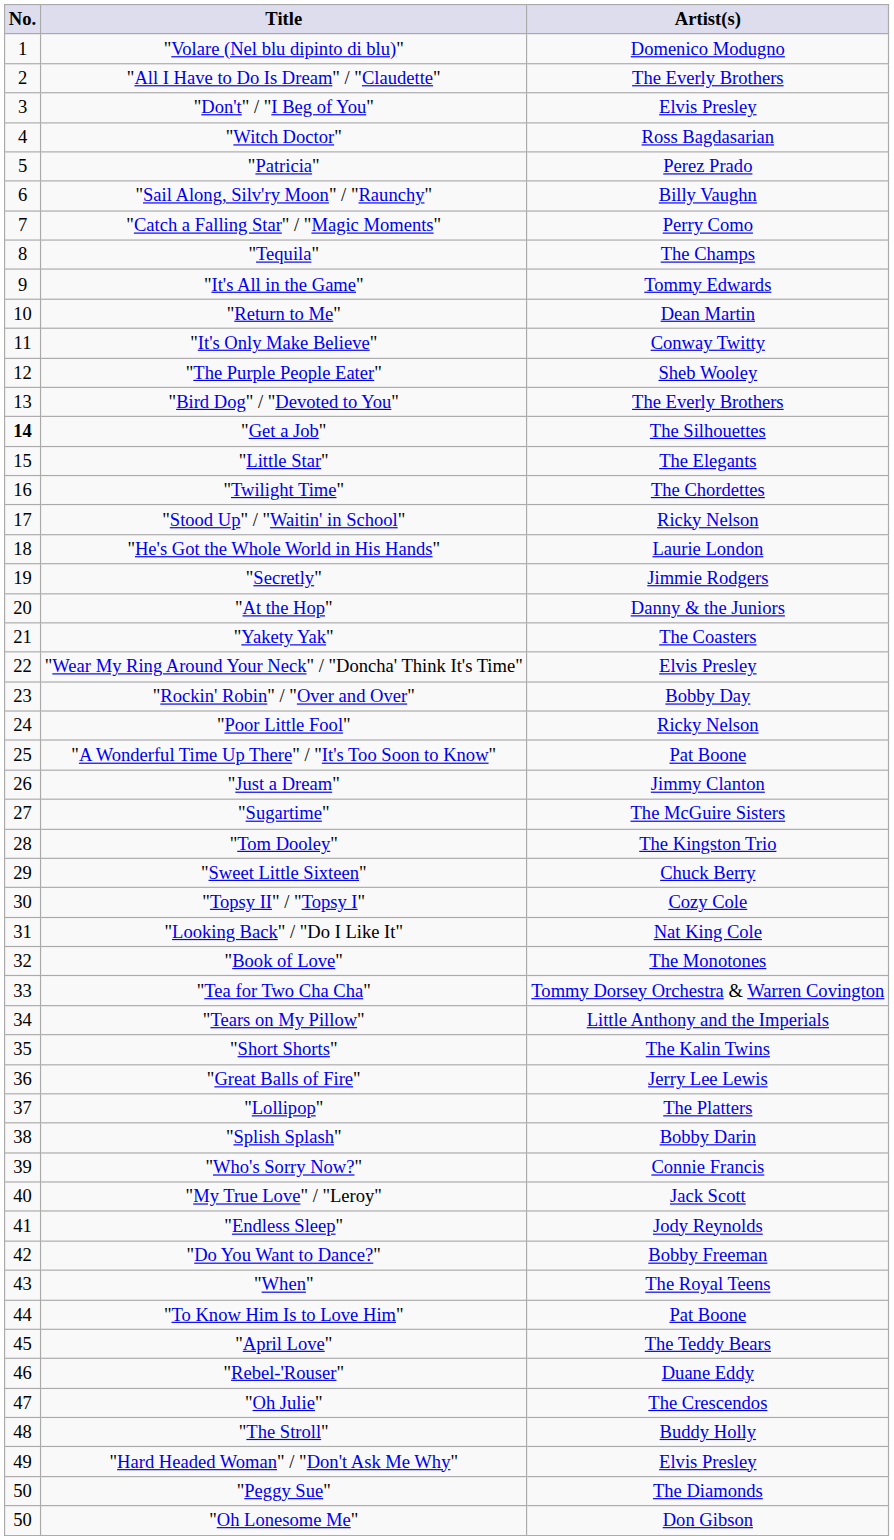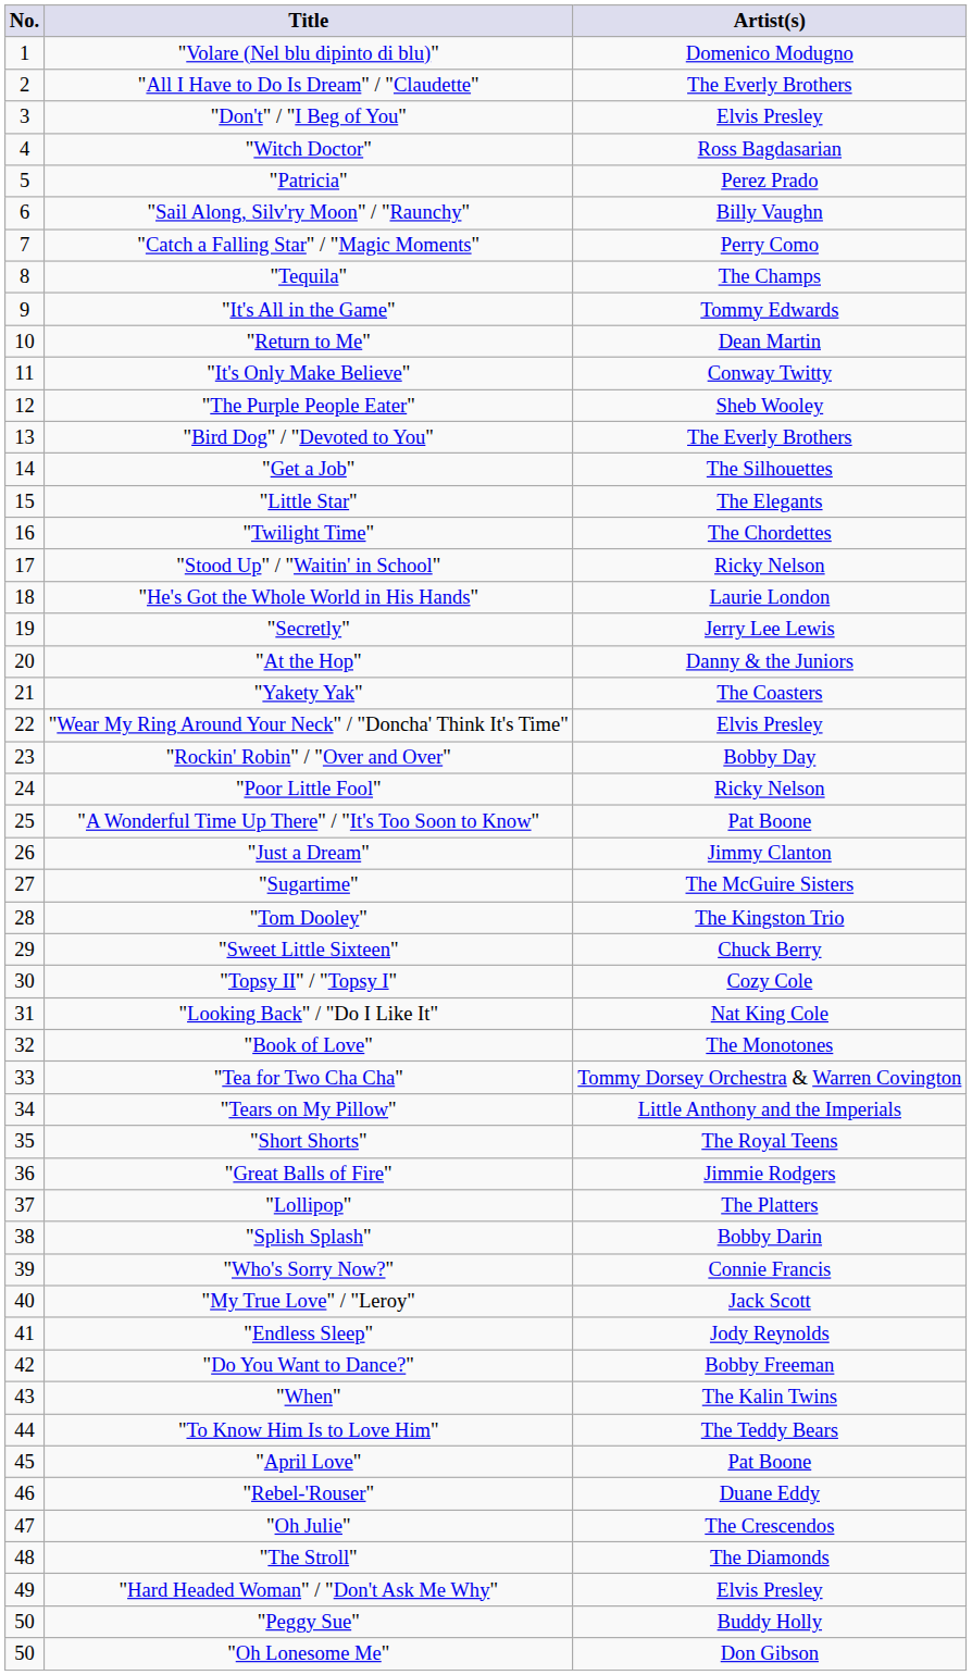 <table class="wikitable sortable" style="text-align: center">
 <tr>
 <th scope="col" style="background:#dde;">No.</th>
 <th scope="col" style="background:#dde;">Title</th>
 <th scope="col" style="background:#dde;">Artist(s)</th>
 </tr>
 <tr>
 <td>1</td>
 <td>"<a href='#'>Volare (Nel blu dipinto di blu)</a>"</td>
 <td><a href='#'>Domenico Modugno</a></td>
 </tr>
 <tr>
 <td>2</td>
 <td>"<a href='#'>All I Have to Do Is Dream</a>" / "<a href='#'>Claudette</a>"</td>
 <td><a href='#'>The Everly Brothers</a></td>
 </tr>
 <tr>
 <td>3</td>
 <td>"<a href='#'>Don't</a>" / "<a href='#'>I Beg of You</a>"</td>
 <td><a href='#'>Elvis Presley</a></td>
 </tr>
 <tr>
 <td>4</td>
 <td>"<a href='#'>Witch Doctor</a>"</td>
 <td><a href='#'>Ross Bagdasarian</a></td>
 </tr>
 <tr>
 <td>5</td>
 <td>"<a href='#'>Patricia</a>"</td>
 <td><a href='#'>Perez Prado</a></td>
 </tr>
 <tr>
 <td>6</td>
 <td>"<a href='#'>Sail Along, Silv'ry Moon</a>" / "<a href='#'>Raunchy</a>"</td>
 <td><a href='#'>Billy Vaughn</a></td>
 </tr>
 <tr>
 <td>7</td>
 <td>"<a href='#'>Catch a Falling Star</a>" / "<a href='#'>Magic Moments</a>"</td>
 <td><a href='#'>Perry Como</a></td>
 </tr>
 <tr>
 <td>8</td>
 <td>"<a href='#'>Tequila</a>"</td>
 <td><a href='#'>The Champs</a></td>
 </tr>
 <tr>
 <td>9</td>
 <td>"<a href='#'>It's All in the Game</a>"</td>
 <td><a href='#'>Tommy Edwards</a></td>
 </tr>
 <tr>
 <td>10</td>
 <td>"<a href='#'>Return to Me</a>"</td>
 <td><a href='#'>Dean Martin</a></td>
 </tr>
 <tr>
 <td>11</td>
 <td>"<a href='#'>It's Only Make Believe</a>"</td>
 <td><a href='#'>Conway Twitty</a></td>
 </tr>
 <tr>
 <td>12</td>
 <td>"<a href='#'>The Purple People Eater</a>"</td>
 <td><a href='#'>Sheb Wooley</a></td>
 </tr>
 <tr>
 <td>13</td>
 <td>"<a href='#'>Bird Dog</a>" / "<a href='#'>Devoted to You</a>"</td>
 <td><a href='#'>The Everly Brothers</a></td>
 </tr>
 <tr>
-<td><strong>14</strong></td>
+<td>14</td>
 <td>"<a href='#'>Get a Job</a>"</td>
 <td><a href='#'>The Silhouettes</a></td>
 </tr>
 <tr>
 <td>15</td>
 <td>"<a href='#'>Little Star</a>"</td>
 <td><a href='#'>The Elegants</a></td>
 </tr>
 <tr>
 <td>16</td>
 <td>"<a href='#'>Twilight Time</a>"</td>
 <td><a href='#'>The Chordettes</a></td>
 </tr>
 <tr>
 <td>17</td>
 <td>"<a href='#'>Stood Up</a>" / "<a href='#'>Waitin' in School</a>"</td>
 <td><a href='#'>Ricky Nelson</a></td>
 </tr>
 <tr>
 <td>18</td>
 <td>"<a href='#'>He's Got the Whole World in His Hands</a>"</td>
 <td><a href='#'>Laurie London</a></td>
 </tr>
 <tr>
 <td>19</td>
 <td>"<a href='#'>Secretly</a>"</td>
-<td><a href='#'>Jimmie Rodgers</a></td>
+<td><a href='#'>Jerry Lee Lewis</a></td>
 </tr>
 <tr>
 <td>20</td>
 <td>"<a href='#'>At the Hop</a>"</td>
 <td><a href='#'>Danny & the Juniors</a></td>
 </tr>
 <tr>
 <td>21</td>
 <td>"<a href='#'>Yakety Yak</a>"</td>
 <td><a href='#'>The Coasters</a></td>
 </tr>
 <tr>
 <td>22</td>
 <td>"<a href='#'>Wear My Ring Around Your Neck</a>" / "Doncha' Think It's Time"</td>
 <td><a href='#'>Elvis Presley</a></td>
 </tr>
 <tr>
 <td>23</td>
 <td>"<a href='#'>Rockin' Robin</a>" / "<a href='#'>Over and Over</a>"</td>
 <td><a href='#'>Bobby Day</a></td>
 </tr>
 <tr>
 <td>24</td>
 <td>"<a href='#'>Poor Little Fool</a>"</td>
 <td><a href='#'>Ricky Nelson</a></td>
 </tr>
 <tr>
 <td>25</td>
 <td>"<a href='#'>A Wonderful Time Up There</a>" / "<a href='#'>It's Too Soon to Know</a>"</td>
 <td><a href='#'>Pat Boone</a></td>
 </tr>
 <tr>
 <td>26</td>
 <td>"<a href='#'>Just a Dream</a>"</td>
 <td><a href='#'>Jimmy Clanton</a></td>
 </tr>
 <tr>
 <td>27</td>
 <td>"<a href='#'>Sugartime</a>"</td>
 <td><a href='#'>The McGuire Sisters</a></td>
 </tr>
 <tr>
 <td>28</td>
 <td>"<a href='#'>Tom Dooley</a>"</td>
 <td><a href='#'>The Kingston Trio</a></td>
 </tr>
 <tr>
 <td>29</td>
 <td>"<a href='#'>Sweet Little Sixteen</a>"</td>
 <td><a href='#'>Chuck Berry</a></td>
 </tr>
 <tr>
 <td>30</td>
 <td>"<a href='#'>Topsy II</a>" / "<a href='#'>Topsy I</a>"</td>
 <td><a href='#'>Cozy Cole</a></td>
 </tr>
 <tr>
 <td>31</td>
 <td>"<a href='#'>Looking Back</a>" / "Do I Like It"</td>
 <td><a href='#'>Nat King Cole</a></td>
 </tr>
 <tr>
 <td>32</td>
 <td>"<a href='#'>Book of Love</a>"</td>
 <td><a href='#'>The Monotones</a></td>
 </tr>
 <tr>
 <td>33</td>
 <td>"<a href='#'>Tea for Two Cha Cha</a>"</td>
 <td><a href='#'>Tommy Dorsey Orchestra</a> & <a href='#'>Warren Covington</a></td>
 </tr>
 <tr>
 <td>34</td>
 <td>"<a href='#'>Tears on My Pillow</a>"</td>
 <td><a href='#'>Little Anthony and the Imperials</a></td>
 </tr>
 <tr>
 <td>35</td>
 <td>"<a href='#'>Short Shorts</a>"</td>
-<td><a href='#'>The Kalin Twins</a></td>
+<td><a href='#'>The Royal Teens</a></td>
 </tr>
 <tr>
 <td>36</td>
 <td>"<a href='#'>Great Balls of Fire</a>"</td>
-<td><a href='#'>Jerry Lee Lewis</a></td>
+<td><a href='#'>Jimmie Rodgers</a></td>
 </tr>
 <tr>
 <td>37</td>
 <td>"<a href='#'>Lollipop</a>"</td>
 <td><a href='#'>The Platters</a></td>
 </tr>
 <tr>
 <td>38</td>
 <td>"<a href='#'>Splish Splash</a>"</td>
 <td><a href='#'>Bobby Darin</a></td>
 </tr>
 <tr>
 <td>39</td>
 <td>"<a href='#'>Who's Sorry Now?</a>"</td>
 <td><a href='#'>Connie Francis</a></td>
 </tr>
 <tr>
 <td>40</td>
 <td>"<a href='#'>My True Love</a>" / "Leroy"</td>
 <td><a href='#'>Jack Scott</a></td>
 </tr>
 <tr>
 <td>41</td>
 <td>"<a href='#'>Endless Sleep</a>"</td>
 <td><a href='#'>Jody Reynolds</a></td>
 </tr>
 <tr>
 <td>42</td>
 <td>"<a href='#'>Do You Want to Dance?</a>"</td>
 <td><a href='#'>Bobby Freeman</a></td>
 </tr>
 <tr>
 <td>43</td>
 <td>"<a href='#'>When</a>"</td>
-<td><a href='#'>The Royal Teens</a></td>
+<td><a href='#'>The Kalin Twins</a></td>
 </tr>
 <tr>
 <td>44</td>
 <td>"<a href='#'>To Know Him Is to Love Him</a>"</td>
-<td><a href='#'>Pat Boone</a></td>
+<td><a href='#'>The Teddy Bears</a></td>
 </tr>
 <tr>
 <td>45</td>
 <td>"<a href='#'>April Love</a>"</td>
-<td><a href='#'>The Teddy Bears</a></td>
+<td><a href='#'>Pat Boone</a></td>
 </tr>
 <tr>
 <td>46</td>
 <td>"<a href='#'>Rebel-'Rouser</a>"</td>
 <td><a href='#'>Duane Eddy</a></td>
 </tr>
 <tr>
 <td>47</td>
 <td>"<a href='#'>Oh Julie</a>"</td>
 <td><a href='#'>The Crescendos</a></td>
 </tr>
 <tr>
 <td>48</td>
 <td>"<a href='#'>The Stroll</a>"</td>
-<td><a href='#'>Buddy Holly</a></td>
+<td><a href='#'>The Diamonds</a></td>
 </tr>
 <tr>
 <td>49</td>
 <td>"<a href='#'>Hard Headed Woman</a>" / "<a href='#'>Don't Ask Me Why</a>"</td>
 <td><a href='#'>Elvis Presley</a></td>
 </tr>
 <tr>
 <td>50</td>
 <td>"<a href='#'>Peggy Sue</a>"</td>
-<td><a href='#'>The Diamonds</a></td>
+<td><a href='#'>Buddy Holly</a></td>
 </tr>
 <tr>
 <td>50</td>
 <td>"<a href='#'>Oh Lonesome Me</a>"</td>
 <td><a href='#'>Don Gibson</a></td>
 </tr>
 <tr>
 </tr>
 </table>
